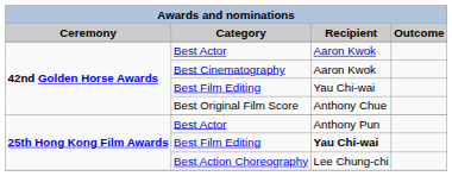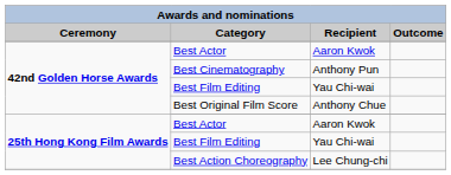 <table class="wikitable" style="font-size:95%;" ;>
 <tr style="background:#ccc; text-align:center;">
 <th colspan="4" style="background: LightSteelBlue;">Awards and nominations</th>
 </tr>
 <tr style="background:#ccc; text-align:center;">
 <th style="background:#ccc">Ceremony</th>
 <th style="background:#ccc">Category</th>
 <th style="background:#ccc">Recipient</th>
 <th style="background:#ccc">Outcome</th>
 </tr>
 <tr>
 </tr>
 <tr>
 <td rowspan=5><strong>42nd <a href='#'>Golden Horse Awards</a></strong></td>
 </tr>
 <tr>
 <td><a href='#'>Best Actor</a></td>
 <td><a href='#'>Aaron Kwok</a></td>
 <td></td>
 </tr>
 <tr>
 <td><a href='#'>Best Cinematography</a></td>
-<td>Aaron Kwok</td>
+<td>Anthony Pun</td>
 <td></td>
 </tr>
 <tr>
 <td><a href='#'>Best Film Editing</a></td>
 <td>Yau Chi-wai</td>
 <td></td>
 </tr>
 <tr>
 <td>Best Original Film Score</td>
 <td>Anthony Chue</td>
 <td></td>
 </tr>
 <tr>
 <td rowspan=4><strong><a href='#'>25th Hong Kong Film Awards</a></strong></td>
 </tr>
 <tr>
 <td><a href='#'>Best Actor</a></td>
-<td>Anthony Pun</td>
+<td>Aaron Kwok</td>
 <td></td>
 </tr>
 <tr>
 <td><a href='#'>Best Film Editing</a></td>
-<td><strong>Yau Chi-wai</strong></td>
+<td>Yau Chi-wai</td>
 <td></td>
 </tr>
 <tr>
 <td><a href='#'>Best Action Choreography</a></td>
 <td>Lee Chung-chi</td>
 <td></td>
 </tr>
 <tr>
 </tr>
 </table>
